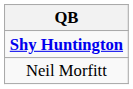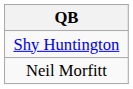 <table class="wikitable" width="120px">
 <tr>
 <th>QB</th>
 </tr>
 <tr>
-<td align="center"><strong><a href='#'>Shy Huntington</a></strong></td>
+<td align="center"><a href='#'>Shy Huntington</a></td>
 </tr>
 <tr>
 <td align="center">Neil Morfitt</td>
 </tr>
 </table>
